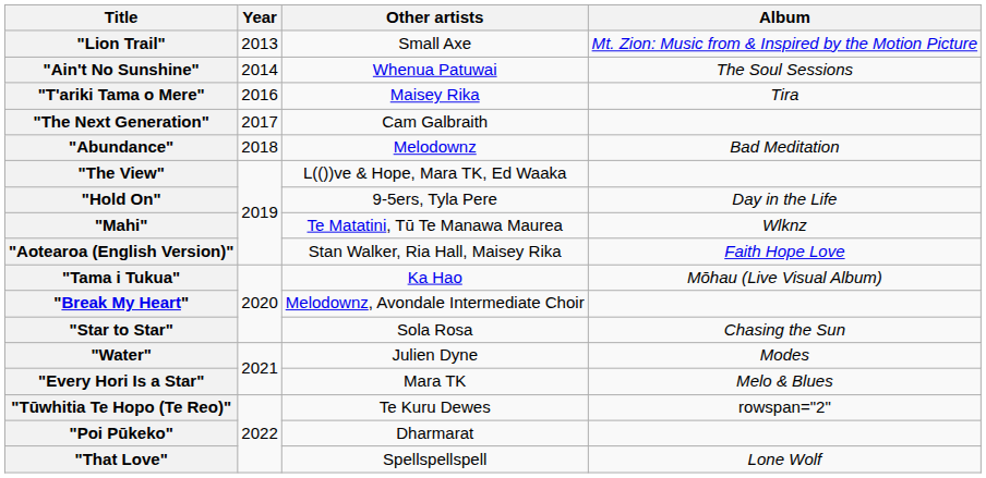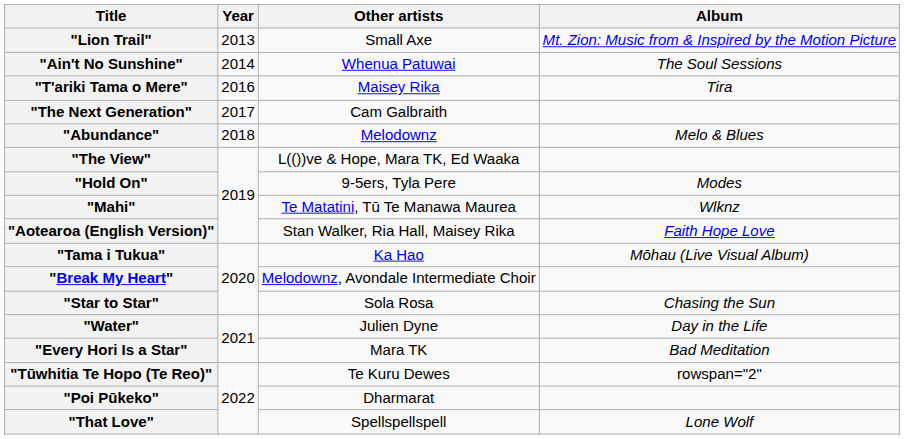 <table class="wikitable sortable plainrowheaders" style="text-align: center;">
 <tr>
 <th scope="col">Title</th>
 <th scope="col">Year</th>
 <th scope="col">Other artists</th>
 <th scope="col">Album</th>
 </tr>
 <tr>
 <th scope="row">"Lion Trail"</th>
 <td rowspan="1">2013</td>
 <td>Small Axe</td>
 <td><em><a href='#'>Mt. Zion: Music from & Inspired by the Motion Picture</a></em></td>
 </tr>
 <tr>
 <th scope="row">"Ain't No Sunshine"</th>
 <td rowspan="1">2014</td>
 <td><a href='#'>Whenua Patuwai</a></td>
 <td><em>The Soul Sessions</em></td>
 </tr>
 <tr>
 <th scope="row">"T'ariki Tama o Mere"</th>
 <td rowspan="1">2016</td>
 <td><a href='#'>Maisey Rika</a></td>
 <td><em>Tira</em></td>
 </tr>
 <tr>
 <th scope="row">"The Next Generation"</th>
 <td rowspan="1">2017</td>
 <td>Cam Galbraith</td>
 <td></td>
 </tr>
 <tr>
 <th scope="row">"Abundance"</th>
 <td rowspan="1">2018</td>
 <td><a href='#'>Melodownz</a></td>
-<td><em>Bad Meditation</em></td>
+<td><em>Melo & Blues</em></td>
 </tr>
 <tr>
 <th scope="row">"The View"</th>
 <td rowspan="4">2019</td>
 <td>L(())ve & Hope, Mara TK, Ed Waaka</td>
 <td></td>
 </tr>
 <tr>
 <th scope="row">"Hold On"</th>
 <td>9-5ers, Tyla Pere</td>
-<td><em>Day in the Life</em></td>
+<td><em>Modes</em></td>
 </tr>
 <tr>
 <th scope="row">"Mahi"</th>
 <td><a href='#'>Te Matatini</a>, Tū Te Manawa Maurea</td>
 <td><em>Wlknz</em></td>
 </tr>
 <tr>
 <th scope="row">"Aotearoa (English Version)"</th>
 <td>Stan Walker, Ria Hall, Maisey Rika</td>
 <td><em><a href='#'>Faith Hope Love</a></em></td>
 </tr>
 <tr>
 <th scope="row">"Tama i Tukua"</th>
 <td rowspan="3">2020</td>
 <td><a href='#'>Ka Hao</a></td>
 <td><em>Mōhau (Live Visual Album)</em></td>
 </tr>
 <tr>
 <th scope="row">"<a href='#'>Break My Heart</a>"</th>
 <td><a href='#'>Melodownz</a>, Avondale Intermediate Choir</td>
 <td></td>
 </tr>
 <tr>
 <th scope="row">"Star to Star"</th>
 <td>Sola Rosa</td>
 <td><em>Chasing the Sun</em></td>
 </tr>
 <tr>
 <th scope="row">"Water"</th>
 <td rowspan="2">2021</td>
 <td>Julien Dyne</td>
-<td><em>Modes</em></td>
+<td><em>Day in the Life</em></td>
 </tr>
 <tr>
 <th scope="row">"Every Hori Is a Star"</th>
 <td>Mara TK</td>
-<td><em>Melo & Blues</em></td>
+<td><em>Bad Meditation</em></td>
 </tr>
 <tr>
 <th scope="row">"Tūwhitia Te Hopo (Te Reo)"</th>
 <td rowspan="3">2022</td>
 <td>Te Kuru Dewes</td>
 <td>rowspan="2" </td>
 </tr>
 <tr>
 <th scope="row">"Poi Pūkeko"</th>
 <td>Dharmarat</td>
 </tr>
 <tr>
 <th scope="row">"That Love"</th>
 <td>Spellspellspell</td>
 <td><em>Lone Wolf</em></td>
 </tr>
 </table>
